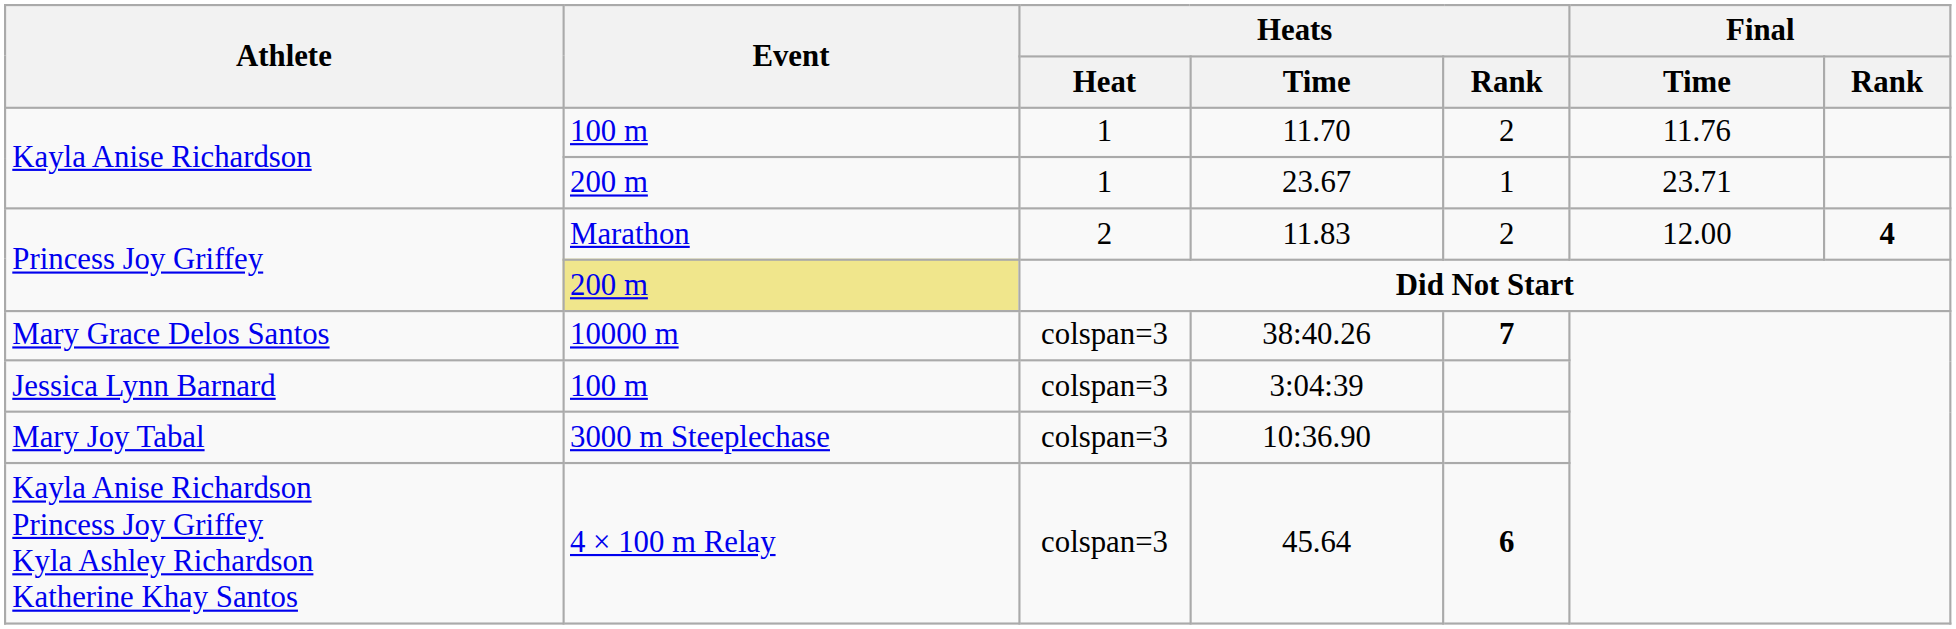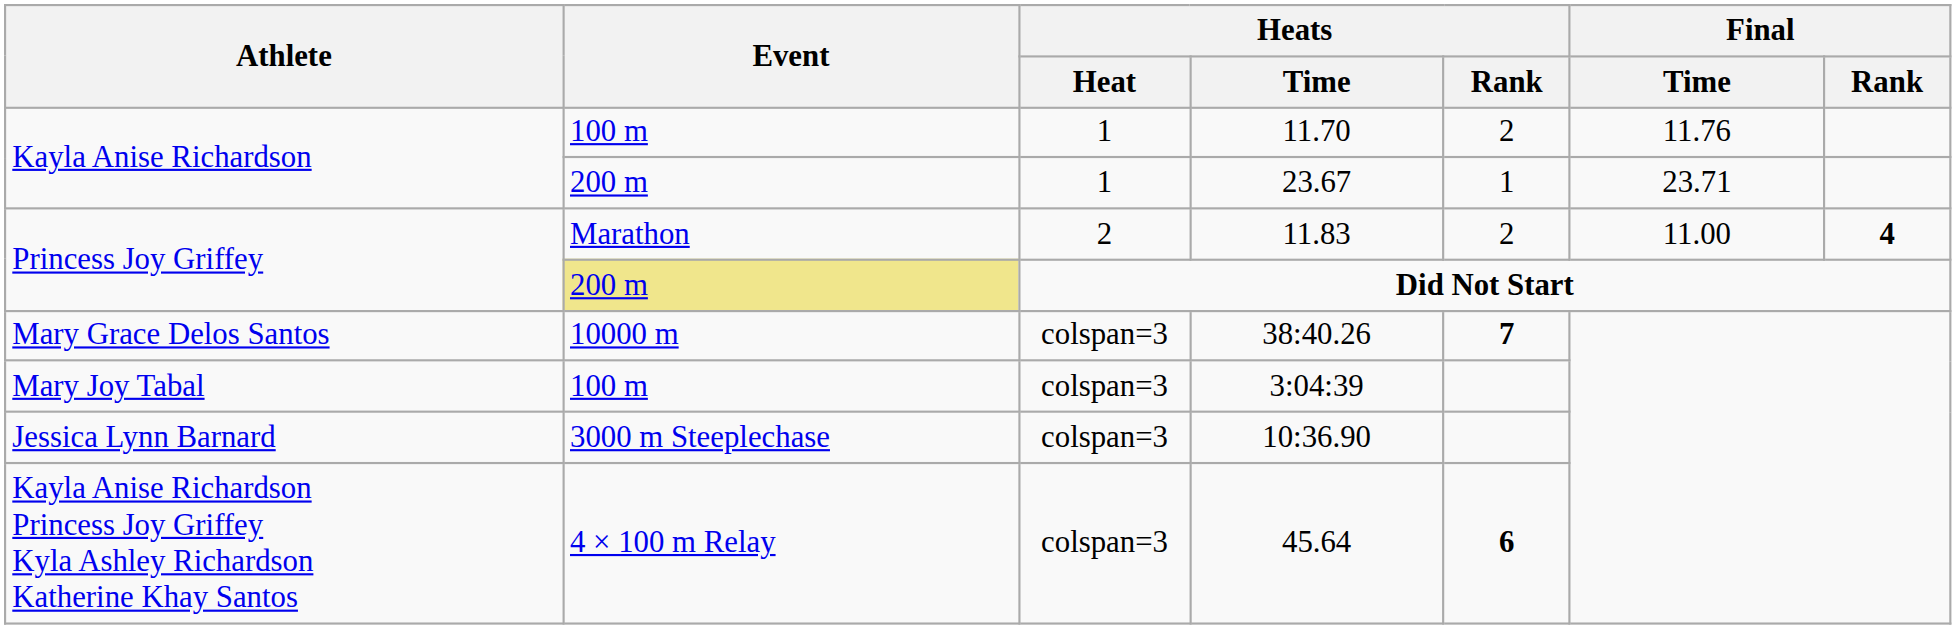 <table class="wikitable" width="72%" style="text-align:center; font-size:90%">
 <tr>
 <th rowspan="2" width="22%">Athlete</th>
 <th rowspan="2" width="18%">Event</th>
 <th colspan="3" width="20%">Heats</th>
 <th colspan="2" width="15%">Final</th>
 </tr>
 <tr>
 <th width="5%">Heat</th>
 <th width="10%">Time</th>
 <th>Rank</th>
 <th width="10%">Time</th>
 <th>Rank</th>
 </tr>
 <tr>
 <td rowspan="2" align="left"><a href='#'>Kayla Anise Richardson</a></td>
 <td style="text-align:left;"><a href='#'>100 m</a></td>
 <td>1</td>
 <td>11.70</td>
 <td>2 <strong></strong></td>
 <td>11.76</td>
 <td></td>
 </tr>
 <tr>
 <td style="text-align:left;"><a href='#'>200 m</a></td>
 <td>1</td>
 <td>23.67</td>
 <td>1 <strong></strong></td>
 <td>23.71</td>
 <td></td>
 </tr>
 <tr>
 <td rowspan="2" align="left"><a href='#'>Princess Joy Griffey</a></td>
 <td style="text-align:left;"><a href='#'>Marathon</a></td>
 <td>2</td>
 <td>11.83</td>
 <td>2 <strong></strong></td>
-<td>12.00</td>
+<td>11.00</td>
 <td><strong>4</strong></td>
 </tr>
 <tr>
 <td style="background: khaki; text-align:left;"><a href='#'>200 m</a></td>
 <td colspan = 5><strong>Did Not Start</strong></td>
 </tr>
 <tr>
 <td style="text-align:left;"><a href='#'>Mary Grace Delos Santos</a></td>
 <td style="text-align:left;"><a href='#'>10000 m</a></td>
 <td>colspan=3 </td>
 <td>38:40.26</td>
 <td><strong>7</strong></td>
 </tr>
 <tr>
-<td style="text-align:left;"><a href='#'>Jessica Lynn Barnard</a></td>
+<td style="text-align:left;"><a href='#'>Mary Joy Tabal</a></td>
 <td style="text-align:left;"><a href='#'>100 m</a></td>
 <td>colspan=3 </td>
 <td>3:04:39</td>
 <td></td>
 </tr>
 <tr>
-<td style="text-align:left;"><a href='#'>Mary Joy Tabal</a></td>
+<td style="text-align:left;"><a href='#'>Jessica Lynn Barnard</a></td>
 <td style="text-align:left;"><a href='#'>3000 m Steeplechase</a></td>
 <td>colspan=3 </td>
 <td>10:36.90</td>
 <td></td>
 </tr>
 <tr>
 <td style="text-align:left;"><a href='#'>Kayla Anise Richardson</a><br><a href='#'>Princess Joy Griffey</a><br><a href='#'>Kyla Ashley Richardson</a><br><a href='#'>Katherine Khay Santos</a></td>
 <td style="text-align:left;"><a href='#'>4 × 100 m Relay</a></td>
 <td>colspan=3 </td>
 <td>45.64</td>
 <td><strong>6</strong></td>
 </tr>
 </table>
